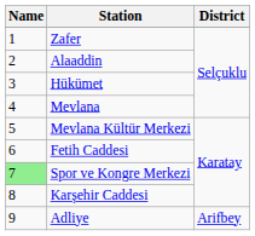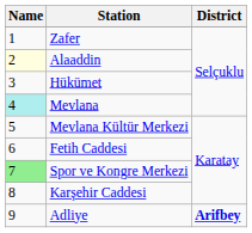 <table class="wikitable">
 <tr>
 <th>Name</th>
 <th>Station</th>
 <th>District</th>
 </tr>
 <tr>
 </tr>
 <tr>
 <td>1</td>
 <td><a href='#'>Zafer</a></td>
 <td rowspan="4"><a href='#'>Selçuklu</a></td>
 </tr>
 <tr>
-<td>2</td>
+<td style="background: lightyellow;">2</td>
 <td><a href='#'>Alaaddin</a></td>
 </tr>
 <tr>
 <td>3</td>
 <td><a href='#'>Hükümet</a></td>
 </tr>
 <tr>
-<td>4</td>
+<td style="background: paleturquoise;">4</td>
 <td><a href='#'> Mevlana</a></td>
 </tr>
 <tr>
 <td>5</td>
 <td><a href='#'>Mevlana Kültür Merkezi</a></td>
 <td rowspan="4"><a href='#'>Karatay</a></td>
 </tr>
 <tr>
 <td>6</td>
 <td><a href='#'>Fetih Caddesi</a></td>
 </tr>
 <tr>
 <td style="background: lightgreen;">7</td>
 <td><a href='#'>Spor ve Kongre Merkezi</a></td>
 </tr>
 <tr>
 <td>8</td>
 <td><a href='#'>Karşehir Caddesi</a></td>
 </tr>
 <tr>
 <td>9</td>
 <td><a href='#'>Adliye</a></td>
-<td rowspan="1"><a href='#'>Arifbey</a></td>
+<td rowspan="1"><strong><a href='#'>Arifbey</a></strong></td>
 </tr>
 </table>
